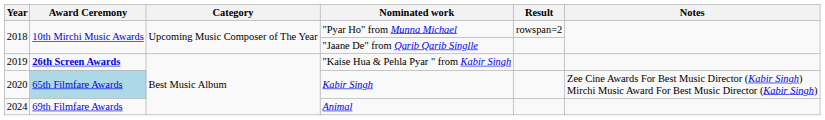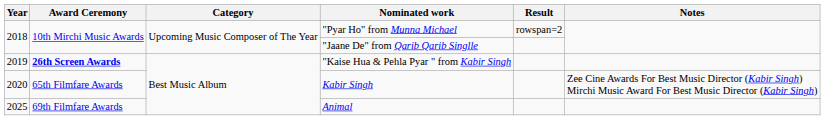 <table class="wikitable sortable">
 <tr>
 <th>Year</th>
 <th><strong>Award Ceremony</strong></th>
 <th><strong>Category</strong></th>
 <th><strong>Nominated work</strong></th>
 <th><strong>Result</strong></th>
 <th><strong>Notes</strong></th>
 </tr>
 <tr>
 <td rowspan="2">2018</td>
 <td rowspan=2><a href='#'>10th Mirchi Music Awards</a></td>
 <td rowspan=2>Upcoming Music Composer of The Year</td>
 <td>"Pyar Ho" from <em><a href='#'>Munna Michael</a></em></td>
 <td>rowspan=2 </td>
 <td rowspan=2></td>
 </tr>
 <tr>
 <td>"Jaane De" from <em><a href='#'>Qarib Qarib Singlle</a></em></td>
 </tr>
 <tr>
 <td>2019</td>
 <td><strong><a href='#'>26th Screen Awards</a></strong></td>
 <td rowspan=3>Best Music Album</td>
 <td>"Kaise Hua & Pehla Pyar " from <em><a href='#'>Kabir Singh</a></em></td>
 <td></td>
 <td></td>
 </tr>
 <tr>
 <td>2020</td>
-<td style="background: lightblue;"><a href='#'>65th Filmfare Awards</a></td>
+<td><a href='#'>65th Filmfare Awards</a></td>
 <td><em><a href='#'>Kabir Singh</a></em></td>
 <td></td>
 <td>Zee Cine Awards For Best Music Director (<em><a href='#'>Kabir Singh</a></em>)<br>Mirchi Music Award For Best Music Director (<em><a href='#'>Kabir Singh</a></em>)</td>
 </tr>
 <tr>
-<td>2024</td>
+<td>2025</td>
 <td><a href='#'>69th Filmfare Awards</a></td>
 <td><em><a href='#'>Animal</a></em></td>
 <td></td>
 <td></td>
 </tr>
 </table>
